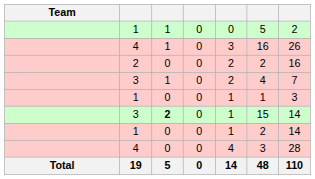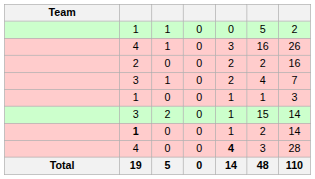 <table class="wikitable" style="text-align:center;">
 <tr>
 <th width=165>Team</th>
 <th width=40></th>
 <th width=40></th>
 <th width=40></th>
 <th width=40></th>
 <th width=40></th>
 <th width=40></th>
 </tr>
 <tr bgcolor=#CCFFCC>
 <td align=left></td>
 <td>1</td>
 <td>1</td>
 <td>0</td>
 <td>0</td>
 <td>5</td>
 <td>2</td>
 </tr>
 <tr bgcolor=#FFCCCC>
 <td align=left></td>
 <td>4</td>
 <td>1</td>
 <td>0</td>
 <td>3</td>
 <td>16</td>
 <td>26</td>
 </tr>
 <tr bgcolor=#FFCCCC>
 <td align=left></td>
 <td>2</td>
 <td>0</td>
 <td>0</td>
 <td>2</td>
 <td>2</td>
 <td>16</td>
 </tr>
 <tr bgcolor=#FFCCCC>
 <td align=left></td>
 <td>3</td>
 <td>1</td>
 <td>0</td>
 <td>2</td>
 <td>4</td>
 <td>7</td>
 </tr>
 <tr bgcolor=#FFCCCC>
 <td align=left></td>
 <td>1</td>
 <td>0</td>
 <td>0</td>
 <td>1</td>
 <td>1</td>
 <td>3</td>
 </tr>
 <tr bgcolor=#CCFFCC>
 <td align=left></td>
 <td>3</td>
-<td><strong>2</strong></td>
+<td>2</td>
 <td>0</td>
 <td>1</td>
 <td>15</td>
 <td>14</td>
 </tr>
 <tr bgcolor=#FFCCCC>
 <td align=left></td>
-<td>1</td>
+<td><strong>1</strong></td>
 <td>0</td>
 <td>0</td>
 <td>1</td>
 <td>2</td>
 <td>14</td>
 </tr>
 <tr bgcolor=#FFCCCC>
 <td align=left></td>
 <td>4</td>
 <td>0</td>
 <td>0</td>
-<td>4</td>
+<td><strong>4</strong></td>
 <td>3</td>
 <td>28</td>
 </tr>
 <tr>
 <th>Total</th>
 <th>19</th>
 <th>5</th>
 <th>0</th>
 <th>14</th>
 <th>48</th>
 <th>110</th>
 </tr>
 </table>
